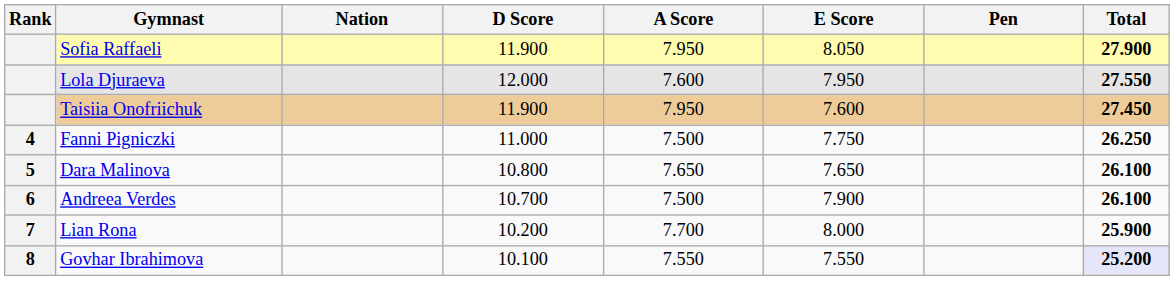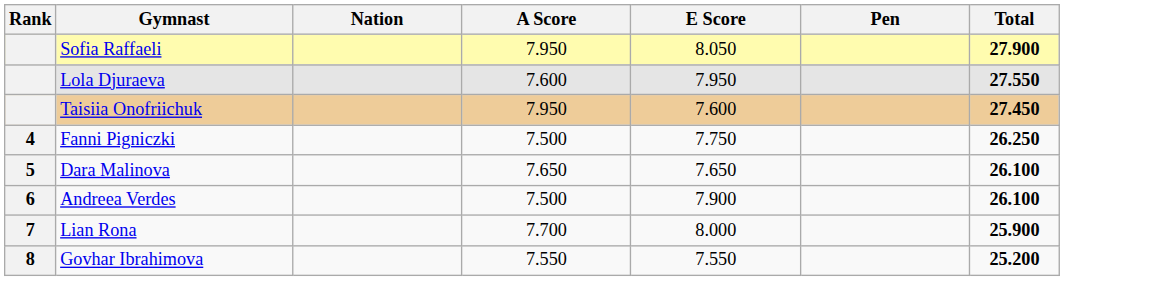 <table class="wikitable sortable" style="text-align:center; font-size:85%">
 <tr>
 <th scope="col" style="width:20px;">Rank</th>
 <th ! scope="col" style="width:170px;">Gymnast</th>
 <th ! scope="col" style="width:120px;">Nation</th>
-<th ! scope="col" style="width:120px;">D Score</th>
 <th ! scope="col" style="width:120px;">A Score</th>
 <th ! scope="col" style="width:120px;">E Score</th>
 <th ! scope="col" style="width:120px;">Pen</th>
 <th scope="col" style="width:60px;" !>Total</th>
 </tr>
 <tr bgcolor="fffcaf">
 <th scope="row"></th>
 <td align=left><a href='#'>Sofia Raffaeli</a></td>
 <td align="left"></td>
-<td>11.900</td>
 <td>7.950</td>
 <td>8.050</td>
 <td></td>
 <td><strong>27.900</strong></td>
 </tr>
 <tr bgcolor="e5e5e5">
 <th scope="row"></th>
 <td align=left><a href='#'>Lola Djuraeva</a></td>
 <td align="left"></td>
-<td>12.000</td>
 <td>7.600</td>
 <td>7.950</td>
 <td></td>
 <td><strong>27.550</strong></td>
 </tr>
 <tr bgcolor="eecc99">
 <th scope="row"></th>
 <td align=left><a href='#'>Taisiia Onofriichuk</a></td>
 <td align="left"></td>
-<td>11.900</td>
 <td>7.950</td>
 <td>7.600</td>
 <td></td>
 <td><strong>27.450</strong></td>
 </tr>
 <tr>
 <th scope=row>4</th>
 <td align=left><a href='#'>Fanni Pigniczki</a></td>
 <td style="text-align:left;"></td>
-<td>11.000</td>
 <td>7.500</td>
 <td>7.750</td>
 <td></td>
 <td><strong>26.250</strong></td>
 </tr>
 <tr>
 <th scope=row>5</th>
 <td align=left><a href='#'>Dara Malinova</a></td>
 <td style="text-align:left;"></td>
-<td>10.800</td>
 <td>7.650</td>
 <td>7.650</td>
 <td></td>
 <td><strong>26.100</strong></td>
 </tr>
 <tr>
 <th scope=row>6</th>
 <td align=left><a href='#'>Andreea Verdes</a></td>
 <td style="text-align:left;"></td>
-<td>10.700</td>
 <td>7.500</td>
 <td>7.900</td>
 <td></td>
 <td><strong>26.100</strong></td>
 </tr>
 <tr>
 <th scope=row>7</th>
 <td align=left><a href='#'>Lian Rona</a></td>
 <td style="text-align:left;"></td>
-<td>10.200</td>
 <td>7.700</td>
 <td>8.000</td>
 <td></td>
 <td><strong>25.900</strong></td>
 </tr>
 <tr>
 <th scope=row>8</th>
 <td align=left><a href='#'>Govhar Ibrahimova</a></td>
 <td style="text-align:left;"></td>
-<td>10.100</td>
 <td>7.550</td>
 <td>7.550</td>
 <td></td>
-<td style="background: lavender;"><strong>25.200</strong></td>
+<td><strong>25.200</strong></td>
 </tr>
 </table>
